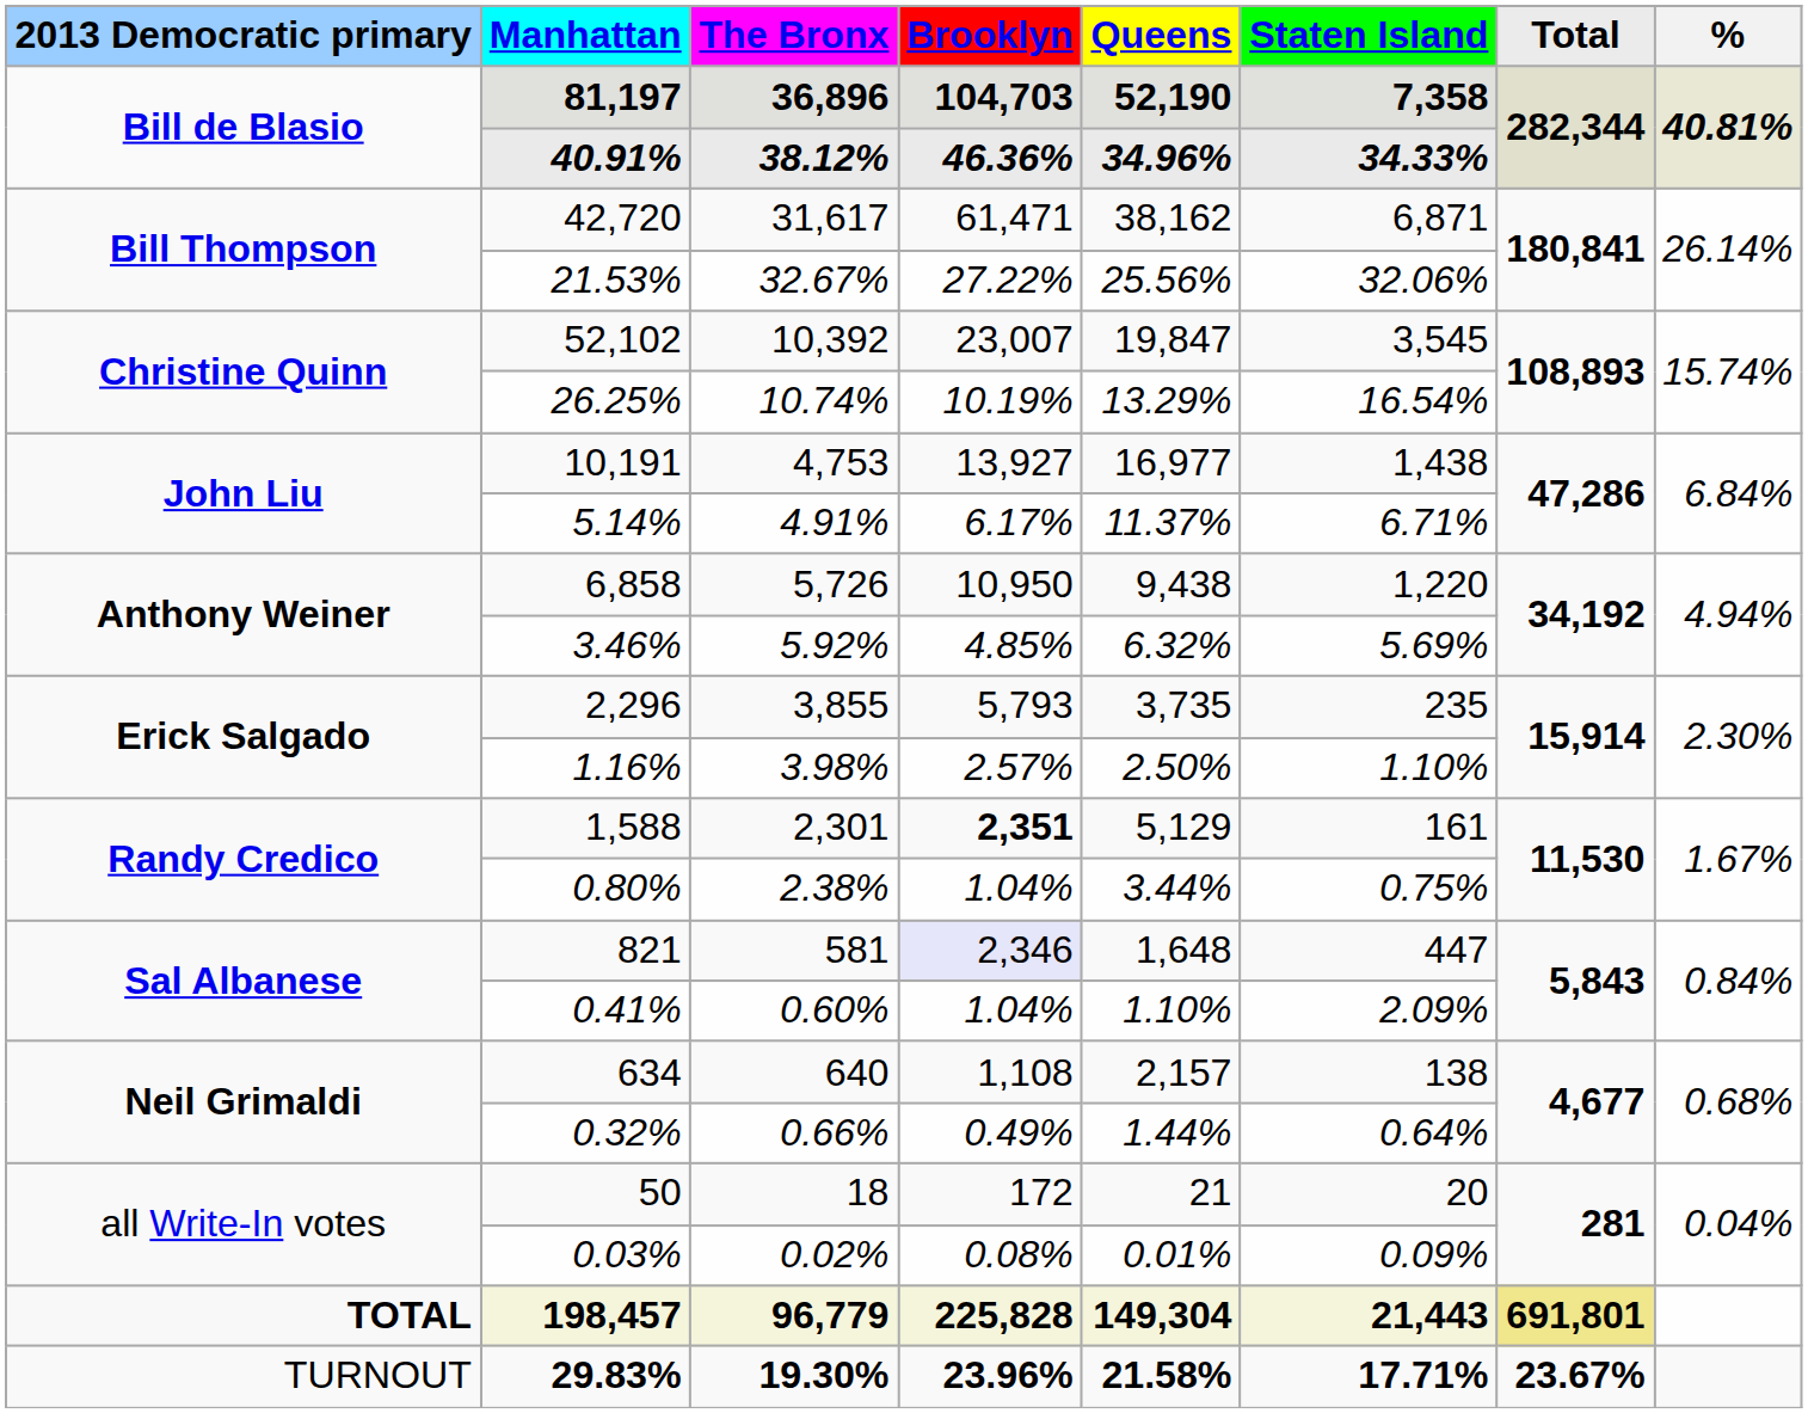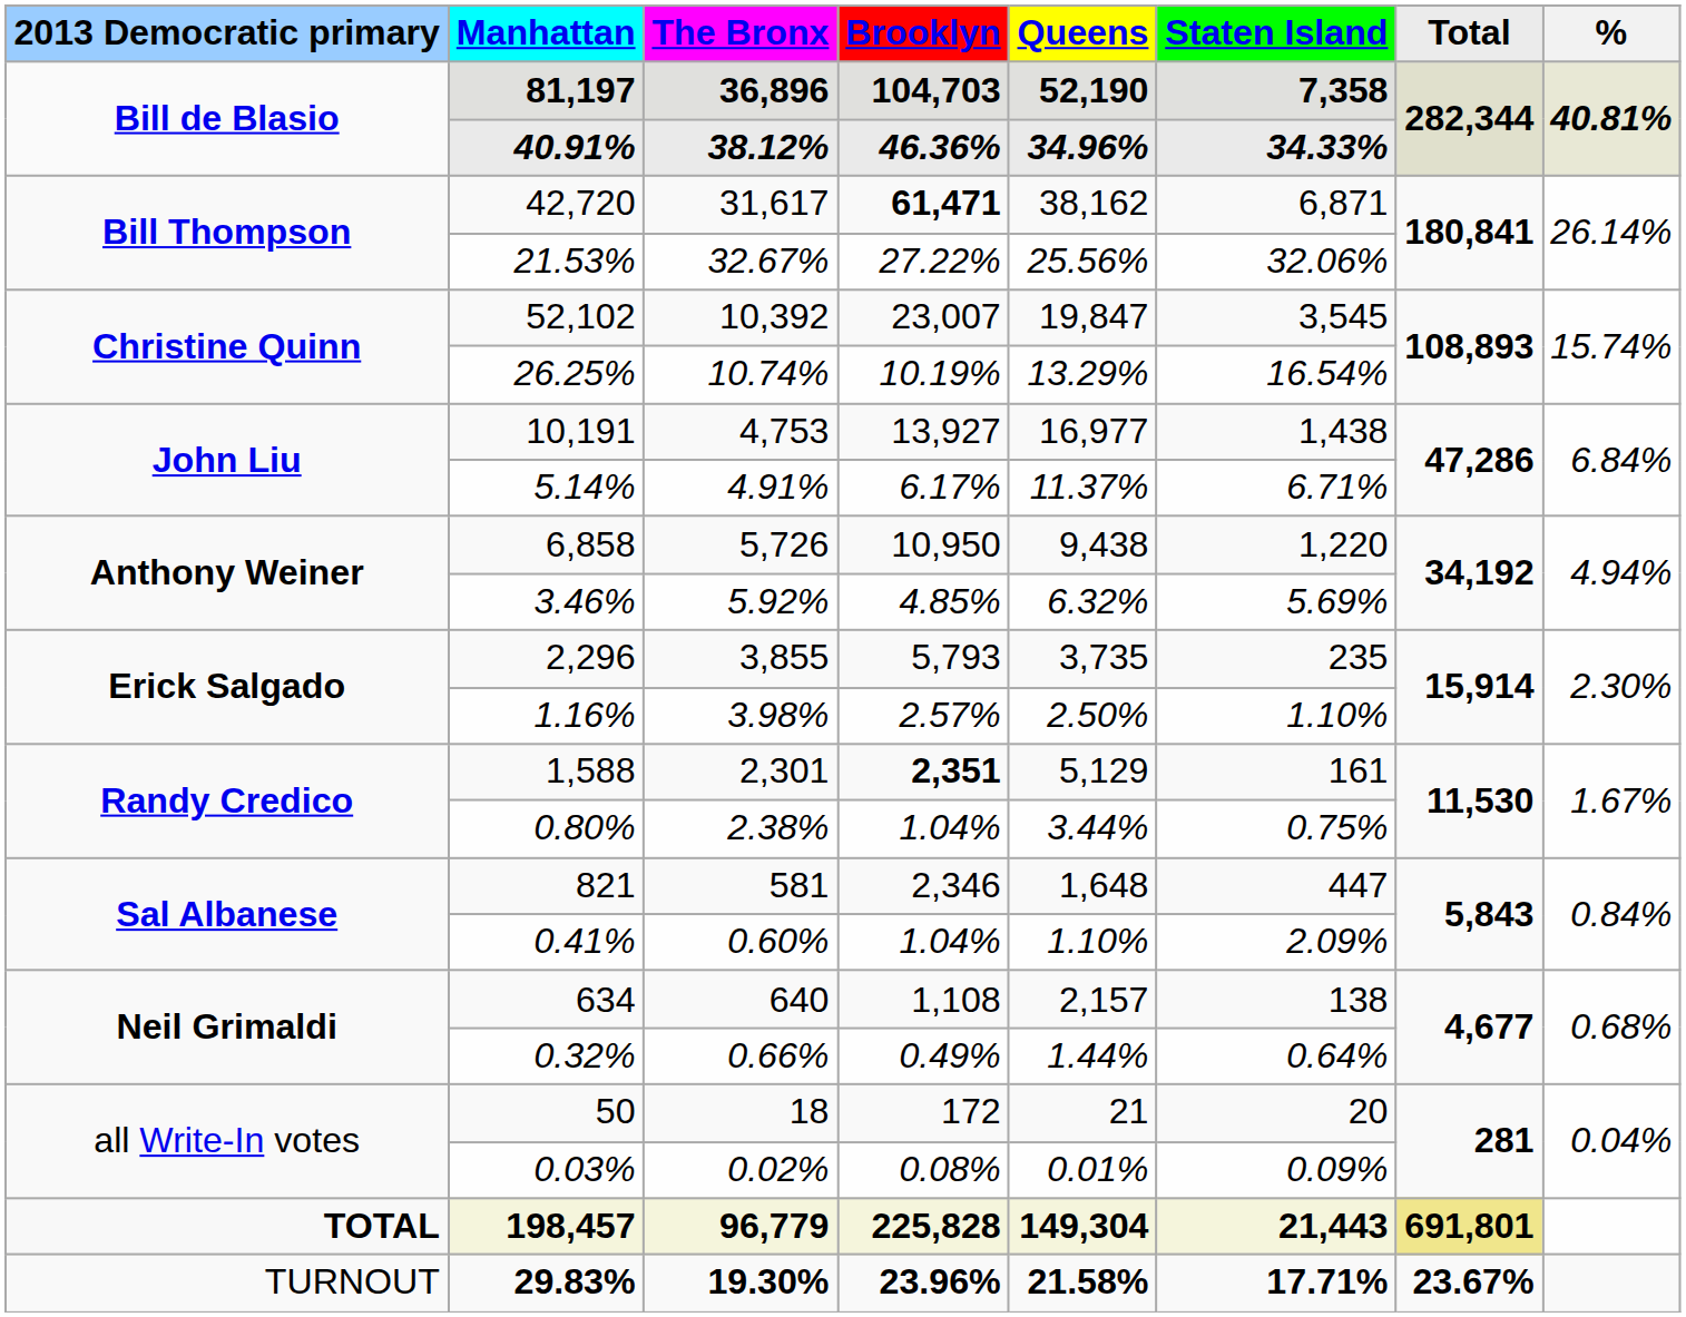 <table class="wikitable"  style="text-align:right;">
 <tr style="text-align:center;">
 <td style=" background:#99CCFF;"><strong>2013 Democratic primary</strong></td>
 <td style="background:aqua;"><strong><a href='#'>Manhattan</a></strong></td>
 <td style="background:magenta;"><strong><a href='#'>The Bronx</a></strong></td>
 <td style="background:red;"><strong><a href='#'>Brooklyn</a></strong></td>
 <td style="background:yellow;"><strong><a href='#'>Queens</a></strong></td>
 <td style="background:lime;"><strong><a href='#'>Staten Island</a></strong></td>
 <td style="background:#ebebeb;"><strong>Total</strong></td>
 <td style="background:#f2f2f2;"><strong>%</strong></td>
 </tr>
 <tr style="background:#e0e0dd;">
 <td rowspan="2" style="background:#fafafa; text-align:center;"><strong><a href='#'>Bill de Blasio</a></strong></td>
 <td><strong>81,197</strong></td>
 <td><strong>36,896</strong></td>
 <td><strong>104,703</strong></td>
 <td><strong>52,190</strong></td>
 <td><strong>7,358</strong></td>
 <td rowspan="2" style="background:#e0e0cc;"><strong>282,344</strong></td>
 <td rowspan="2" style="background:#e8e8d5;"><strong><em>40.81%</em></strong></td>
 </tr>
 <tr style="background:#eaeaea;">
 <td><strong><em>40.91%</em></strong></td>
 <td><strong><em>38.12%</em></strong></td>
 <td><strong><em>46.36%</em></strong></td>
 <td><strong><em>34.96%</em></strong></td>
 <td><strong><em>34.33%</em></strong></td>
 </tr>
 <tr>
 <td rowspan="2" style="text-align:center;"><strong><a href='#'>Bill Thompson</a></strong></td>
 <td>42,720</td>
 <td>31,617</td>
-<td>61,471</td>
+<td><strong>61,471</strong></td>
 <td>38,162</td>
 <td>6,871</td>
 <td rowspan="2"><strong>180,841</strong></td>
 <td rowspan="2" style="background:#fefefe;"><em>26.14%</em></td>
 </tr>
 <tr style="background:#fefefe;">
 <td><em>21.53%</em></td>
 <td><em>32.67%</em></td>
 <td><em>27.22%</em></td>
 <td><em>25.56%</em></td>
 <td><em>32.06%</em></td>
 </tr>
 <tr>
 <td rowspan="2" style="text-align:center;"><strong><a href='#'>Christine Quinn</a></strong></td>
 <td>52,102</td>
 <td>10,392</td>
 <td>23,007</td>
 <td>19,847</td>
 <td>3,545</td>
 <td rowspan="2"><strong>108,893</strong></td>
 <td rowspan="2" style="background:#fefefe;"><em>15.74%</em></td>
 </tr>
 <tr style="background:#fefefe;">
 <td><em>26.25%</em></td>
 <td><em>10.74%</em></td>
 <td><em>10.19%</em></td>
 <td><em>13.29%</em></td>
 <td><em>16.54%</em></td>
 </tr>
 <tr>
 <td rowspan="2" style="text-align:center;"><strong><a href='#'>John Liu</a></strong></td>
 <td>10,191</td>
 <td>4,753</td>
 <td>13,927</td>
 <td>16,977</td>
 <td>1,438</td>
 <td rowspan="2"><strong>47,286</strong></td>
 <td rowspan="2" style="background:#fefefe;"><em>6.84%</em></td>
 </tr>
 <tr style="background:#fefefe;">
 <td><em>5.14%</em></td>
 <td><em>4.91%</em></td>
 <td><em>6.17%</em></td>
 <td><em>11.37%</em></td>
 <td><em>6.71%</em></td>
 </tr>
 <tr>
 <td rowspan="2" style="text-align:center;"><strong>Anthony Weiner</strong></td>
 <td>6,858</td>
 <td>5,726</td>
 <td>10,950</td>
 <td>9,438</td>
 <td>1,220</td>
 <td rowspan="2"><strong>34,192</strong></td>
 <td rowspan="2" style="background:#fefefe;"><em>4.94%</em></td>
 </tr>
 <tr style="background:#fefefe;">
 <td><em>3.46%</em></td>
 <td><em>5.92%</em></td>
 <td><em>4.85%</em></td>
 <td><em>6.32%</em></td>
 <td><em>5.69%</em></td>
 </tr>
 <tr>
 <td rowspan="2" style="text-align:center;"><strong>Erick Salgado</strong></td>
 <td>2,296</td>
 <td>3,855</td>
 <td>5,793</td>
 <td>3,735</td>
 <td>235</td>
 <td rowspan="2"><strong>15,914</strong></td>
 <td rowspan="2" style="background:#fefefe;"><em>2.30%</em></td>
 </tr>
 <tr style="background:#fefefe;">
 <td><em>1.16%</em></td>
 <td><em>3.98%</em></td>
 <td><em>2.57%</em></td>
 <td><em>2.50%</em></td>
 <td><em>1.10%</em></td>
 </tr>
 <tr>
 <td rowspan="2" style="text-align:center;"><strong><a href='#'>Randy Credico</a></strong></td>
 <td>1,588</td>
 <td>2,301</td>
 <td><strong>2,351</strong></td>
 <td>5,129</td>
 <td>161</td>
 <td rowspan="2"><strong>11,530</strong></td>
 <td rowspan="2" style="background:#fefefe;"><em>1.67%</em></td>
 </tr>
 <tr style="background:#fefefe;">
 <td><em>0.80%</em></td>
 <td><em>2.38%</em></td>
 <td><em>1.04%</em></td>
 <td><em>3.44%</em></td>
 <td><em>0.75%</em></td>
 </tr>
 <tr>
 <td rowspan="2" style="text-align:center;"><strong><a href='#'>Sal Albanese</a></strong></td>
 <td>821</td>
 <td>581</td>
-<td style="background: lavender;">2,346</td>
+<td>2,346</td>
 <td>1,648</td>
 <td>447</td>
 <td rowspan="2"><strong>5,843</strong></td>
 <td rowspan="2" style="background:#fefefe;"><em>0.84%</em></td>
 </tr>
 <tr style="background:#fefefe;">
 <td><em>0.41%</em></td>
 <td><em>0.60%</em></td>
 <td><em>1.04%</em></td>
 <td><em>1.10%</em></td>
 <td><em>2.09%</em></td>
 </tr>
 <tr>
 <td rowspan="2" style="text-align:center;"><strong>Neil Grimaldi</strong></td>
 <td>634</td>
 <td>640</td>
 <td>1,108</td>
 <td>2,157</td>
 <td>138</td>
 <td rowspan="2"><strong>4,677</strong></td>
 <td rowspan="2" style="background:#fefefe;"><em>0.68%</em></td>
 </tr>
 <tr style="background:#fefefe;">
 <td><em>0.32%</em></td>
 <td><em>0.66%</em></td>
 <td><em>0.49%</em></td>
 <td><em>1.44%</em></td>
 <td><em>0.64%</em></td>
 </tr>
 <tr>
 <td rowspan="2" style="text-align:center;">all <a href='#'>Write-In</a> votes</td>
 <td>50</td>
 <td>18</td>
 <td>172</td>
 <td>21</td>
 <td>20</td>
 <td rowspan="2"><strong>281</strong></td>
 <td rowspan="2" style="background:#fefefe;"><em>0.04%</em></td>
 </tr>
 <tr style="background:#fefefe;">
 <td><em>0.03%</em></td>
 <td><em>0.02%</em></td>
 <td><em>0.08%</em></td>
 <td><em>0.01%</em></td>
 <td><em>0.09%</em></td>
 </tr>
 <tr style="background:beige;">
 <td style="background:#f8f8f8;"><strong>TOTAL</strong></td>
 <td><strong>198,457</strong></td>
 <td><strong>96,779</strong></td>
 <td><strong>225,828</strong></td>
 <td><strong>149,304</strong></td>
 <td><strong>21,443</strong></td>
 <td bgcolor=khaki><strong>691,801</strong></td>
 <td bgcolor=fefefe> </td>
 </tr>
 <tr>
 <td>TURNOUT</td>
 <td><strong>29.83%</strong></td>
 <td><strong>19.30%</strong></td>
 <td><strong>23.96%</strong></td>
 <td><strong>21.58%</strong></td>
 <td><strong>17.71%</strong></td>
 <td><strong>23.67%</strong></td>
 <td></td>
 </tr>
 </table>
